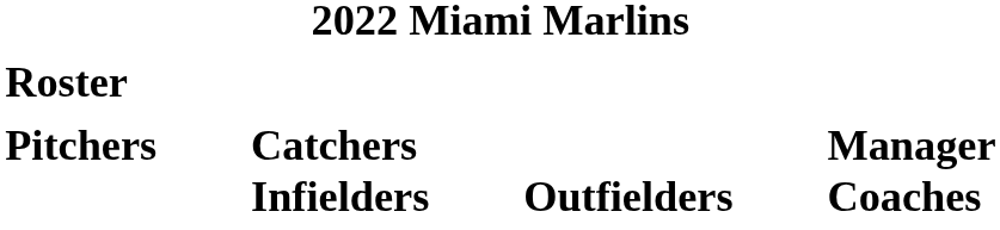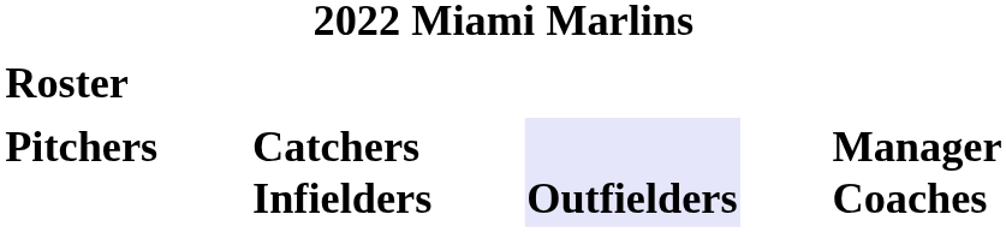 <table class="toccolours" style="font-size: 95%;">
 <tr>
 <th colspan="10">2022 Miami Marlins</th>
 </tr>
 <tr>
 <td colspan="10"><strong>Roster</strong></td>
 </tr>
 <tr>
 <td valign="top"><strong>Pitchers</strong><br>                              </td>
 <td style="width:25px;"></td>
 <td valign="top"><strong>Catchers</strong><br>   <strong>Infielders</strong>              </td>
 <td style="width:25px;"></td>
-<td valign="top"><br><strong>Outfielders</strong>        </td>
+<td valign="top" style="background: lavender;"><br><strong>Outfielders</strong>        </td>
 <td style="width:25px;"></td>
 <td valign="top"><strong>Manager</strong><br> <strong>Coaches</strong>                       </td>
 </tr>
 </table>
